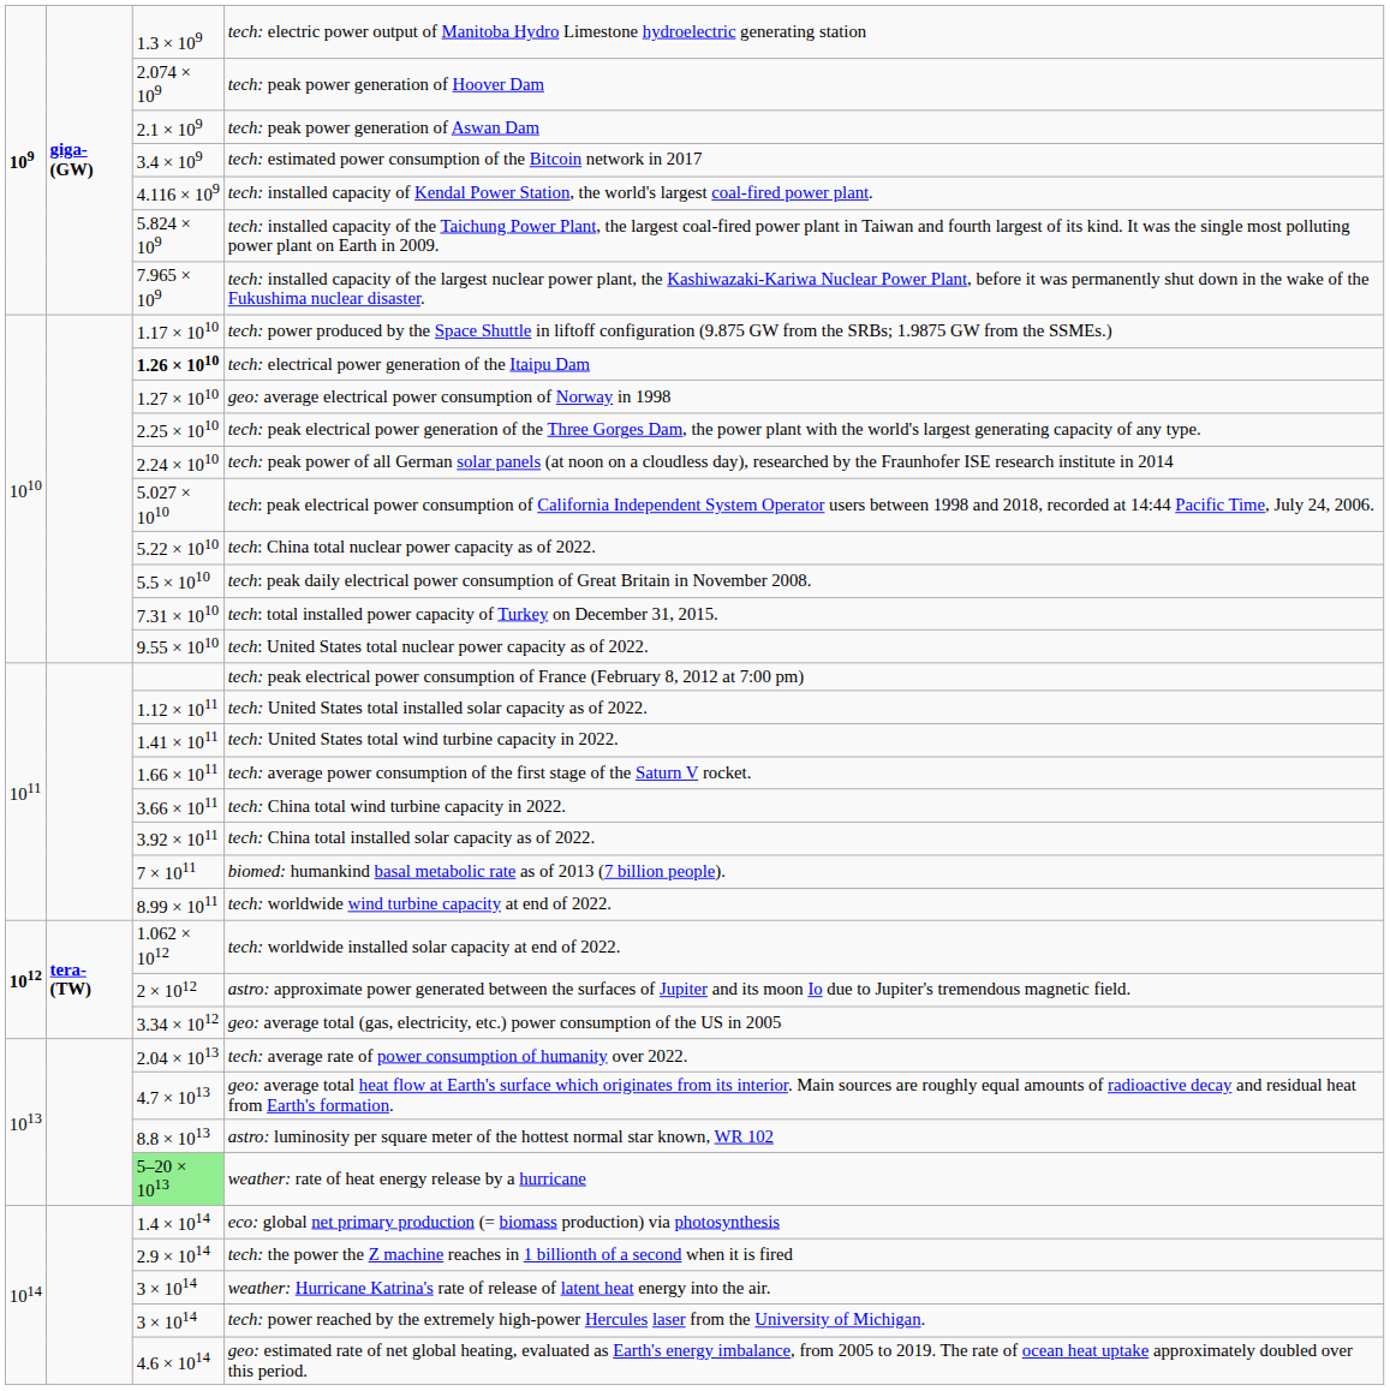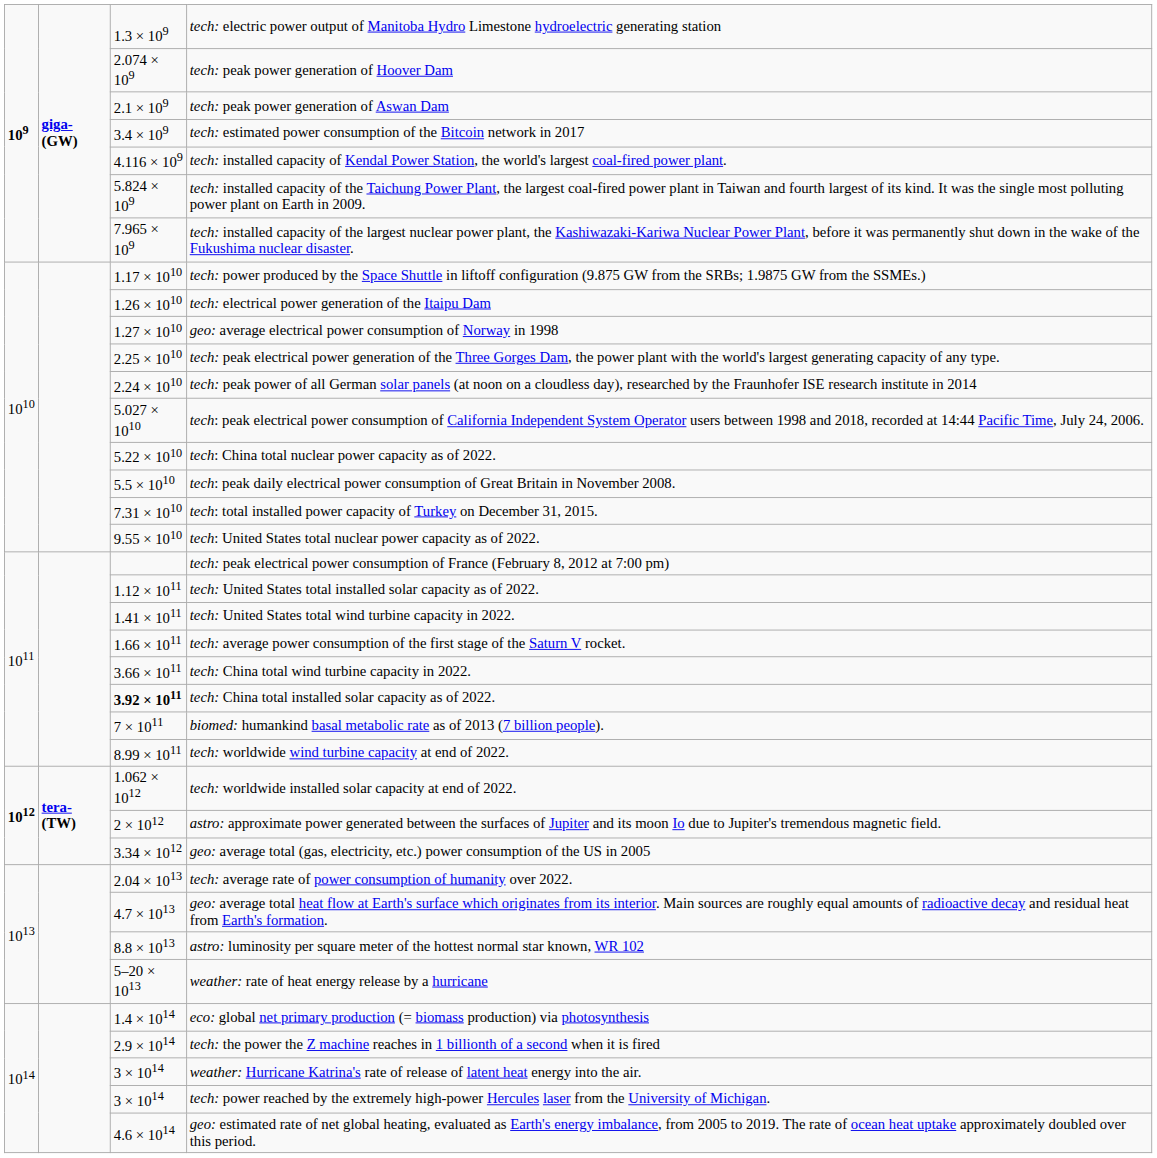 <table class="wikitable">
 <tr>
 <td rowspan="7"><strong>10<sup>9</sup></strong></td>
 <td rowspan="7"><strong><a href='#'>giga-</a> (GW)</strong></td>
 <td><br>1.3 × 10<sup>9</sup></td>
 <td><em>tech:</em> electric power output of <a href='#'>Manitoba Hydro</a> Limestone <a href='#'>hydroelectric</a> generating station</td>
 </tr>
 <tr>
 <td>2.074 × 10<sup>9</sup></td>
 <td><em>tech:</em> peak power generation of <a href='#'>Hoover Dam</a></td>
 </tr>
 <tr>
 <td>2.1 × 10<sup>9</sup></td>
 <td><em>tech:</em> peak power generation of <a href='#'>Aswan Dam</a></td>
 </tr>
 <tr>
 <td>3.4 × 10<sup>9</sup></td>
 <td><em>tech:</em> estimated power consumption of the <a href='#'>Bitcoin</a> network in 2017</td>
 </tr>
 <tr>
 <td>4.116 × 10<sup>9</sup></td>
 <td><em>tech:</em> installed capacity of <a href='#'>Kendal Power Station</a>, the world's largest <a href='#'>coal-fired power plant</a>.</td>
 </tr>
 <tr>
 <td>5.824 × 10<sup>9</sup></td>
 <td><em>tech:</em> installed capacity of the <a href='#'>Taichung Power Plant</a>, the largest coal-fired power plant in Taiwan and fourth largest of its kind. It was the single most polluting power plant on Earth in 2009.</td>
 </tr>
 <tr>
 <td>7.965 × 10<sup>9</sup></td>
 <td><em>tech:</em> installed capacity of the largest nuclear power plant, the <a href='#'>Kashiwazaki-Kariwa Nuclear Power Plant</a>, before it was permanently shut down in the wake of the <a href='#'>Fukushima nuclear disaster</a>.</td>
 </tr>
 <tr>
 <td rowspan="10">10<sup>10</sup></td>
 <td rowspan="10"></td>
 <td>1.17 × 10<sup>10</sup></td>
 <td><em>tech:</em> power produced by the <a href='#'>Space Shuttle</a> in liftoff configuration (9.875 GW from the SRBs; 1.9875 GW from the SSMEs.)</td>
 </tr>
 <tr>
-<td><strong>1.26 × 10<sup>10</sup></strong></td>
+<td>1.26 × 10<sup>10</sup></td>
 <td><em>tech:</em> electrical power generation of the <a href='#'>Itaipu Dam</a></td>
 </tr>
 <tr>
 <td>1.27 × 10<sup>10</sup></td>
 <td><em>geo:</em> average electrical power consumption of <a href='#'>Norway</a> in 1998</td>
 </tr>
 <tr>
 <td>2.25 × 10<sup>10</sup></td>
 <td><em>tech:</em> peak electrical power generation of the <a href='#'>Three Gorges Dam</a>, the power plant with the world's largest generating capacity of any type.</td>
 </tr>
 <tr>
 <td>2.24 × 10<sup>10</sup></td>
 <td><em>tech:</em> peak power of all German <a href='#'>solar panels</a> (at noon on a cloudless day), researched by the Fraunhofer ISE research institute in 2014</td>
 </tr>
 <tr>
 <td>5.027 × 10<sup>10</sup></td>
 <td><em>tech</em>: peak electrical power consumption of <a href='#'>California Independent System Operator</a> users between 1998 and 2018, recorded at 14:44 <a href='#'>Pacific Time</a>, July 24, 2006.</td>
 </tr>
 <tr>
 <td>5.22 × 10<sup>10</sup></td>
 <td><em>tech</em>: China total nuclear power capacity as of 2022.</td>
 </tr>
 <tr>
 <td>5.5 × 10<sup>10</sup></td>
 <td><em>tech</em>: peak daily electrical power consumption of Great Britain in November 2008.</td>
 </tr>
 <tr>
 <td>7.31 × 10<sup>10</sup></td>
 <td><em>tech</em>: total installed power capacity of <a href='#'>Turkey</a> on December 31, 2015.</td>
 </tr>
 <tr>
 <td>9.55 × 10<sup>10</sup></td>
 <td><em>tech</em>: United States total nuclear power capacity as of 2022.</td>
 </tr>
 <tr>
 <td rowspan="8">10<sup>11</sup></td>
 <td rowspan="8"></td>
 <td></td>
 <td><em>tech:</em> peak electrical power consumption of France (February 8, 2012 at 7:00 pm)</td>
 </tr>
 <tr>
 <td>1.12 × 10<sup>11</sup></td>
 <td><em>tech:</em> United States total installed solar capacity as of 2022.</td>
 </tr>
 <tr>
 <td>1.41 × 10<sup>11</sup></td>
 <td><em>tech:</em> United States total wind turbine capacity in 2022.</td>
 </tr>
 <tr>
 <td>1.66 × 10<sup>11</sup></td>
 <td><em>tech:</em> average power consumption of the first stage of the <a href='#'>Saturn V</a> rocket.</td>
 </tr>
 <tr>
 <td>3.66 × 10<sup>11</sup></td>
 <td><em>tech:</em> China total wind turbine capacity in 2022.</td>
 </tr>
 <tr>
-<td>3.92 × 10<sup>11</sup></td>
+<td><strong>3.92 × 10<sup>11</sup></strong></td>
 <td><em>tech:</em> China total installed solar capacity as of 2022.</td>
 </tr>
 <tr>
 <td>7 × 10<sup>11</sup></td>
 <td><em>biomed:</em> humankind <a href='#'>basal metabolic rate</a> as of 2013 (<a href='#'>7 billion people</a>).</td>
 </tr>
 <tr>
 <td>8.99 × 10<sup>11</sup></td>
 <td><em>tech:</em> worldwide <a href='#'>wind turbine capacity</a> at end of 2022.</td>
 </tr>
 <tr>
 <td rowspan="3"><strong>10<sup>12</sup></strong></td>
 <td rowspan="3"><strong><a href='#'>tera-</a> (TW)</strong></td>
 <td>1.062 × 10<sup>12</sup></td>
 <td><em>tech:</em> worldwide installed solar capacity at end of 2022.</td>
 </tr>
 <tr>
 <td>2 × 10<sup>12</sup></td>
 <td><em>astro:</em> approximate power generated between the surfaces of <a href='#'>Jupiter</a> and its moon <a href='#'>Io</a> due to Jupiter's tremendous magnetic field.</td>
 </tr>
 <tr>
 <td>3.34 × 10<sup>12</sup></td>
 <td><em>geo:</em> average total (gas, electricity, etc.) power consumption of the US in 2005</td>
 </tr>
 <tr>
 <td rowspan="4">10<sup>13</sup></td>
 <td rowspan="4"></td>
 <td>2.04 × 10<sup>13</sup></td>
 <td><em>tech:</em> average rate of <a href='#'>power consumption of humanity</a> over 2022.</td>
 </tr>
 <tr>
 <td>4.7 × 10<sup>13</sup></td>
 <td><em>geo:</em> average total <a href='#'>heat flow at Earth's surface which originates from its interior</a>. Main sources are roughly equal amounts of <a href='#'>radioactive decay</a> and residual heat from <a href='#'>Earth's formation</a>.</td>
 </tr>
 <tr>
 <td>8.8 × 10<sup>13</sup></td>
 <td><em>astro:</em> luminosity per square meter of the hottest normal star known, <a href='#'>WR 102</a></td>
 </tr>
 <tr>
-<td style="background: lightgreen;">5–20 × 10<sup>13</sup></td>
+<td>5–20 × 10<sup>13</sup></td>
 <td><em>weather:</em> rate of heat energy release by a <a href='#'>hurricane</a></td>
 </tr>
 <tr>
 <td rowspan="5">10<sup>14</sup></td>
 <td rowspan="5"></td>
 <td>1.4 × 10<sup>14</sup></td>
 <td><em>eco:</em> global <a href='#'>net primary production</a> (= <a href='#'>biomass</a> production) via <a href='#'>photosynthesis</a></td>
 </tr>
 <tr>
 <td>2.9 × 10<sup>14</sup></td>
 <td><em>tech:</em> the power the <a href='#'>Z machine</a> reaches in <a href='#'>1 billionth of a second</a> when it is fired</td>
 </tr>
 <tr>
 <td>3 × 10<sup>14</sup></td>
 <td><em>weather:</em> <a href='#'>Hurricane Katrina's</a> rate of release of <a href='#'>latent heat</a> energy into the air.</td>
 </tr>
 <tr>
 <td>3 × 10<sup>14</sup></td>
 <td><em>tech:</em> power reached by the extremely high-power <a href='#'>Hercules</a> <a href='#'>laser</a> from the <a href='#'>University of Michigan</a>.</td>
 </tr>
 <tr>
 <td>4.6 × 10<sup>14</sup></td>
 <td><em>geo:</em> estimated rate of net global heating, evaluated as <a href='#'>Earth's energy imbalance</a>, from 2005 to 2019. The rate of <a href='#'>ocean heat uptake</a> approximately doubled over this period.</td>
 </tr>
 </table>
